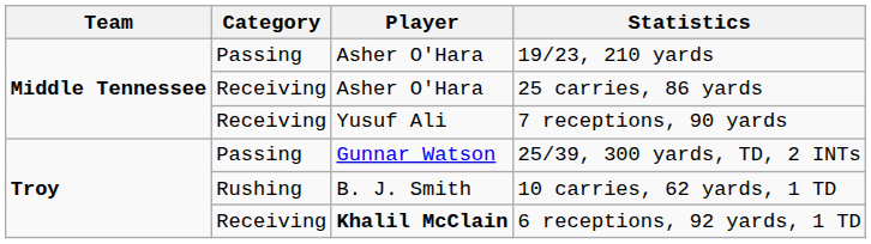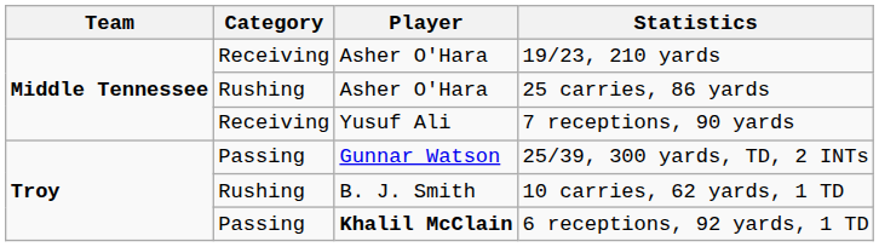 <table class="wikitable" style="float: left;">
 <tr>
 <th>Team</th>
 <th>Category</th>
 <th>Player</th>
 <th>Statistics</th>
 </tr>
 <tr>
 <td rowspan=3><strong>Middle Tennessee</strong></td>
-<td>Passing</td>
+<td>Receiving</td>
 <td>Asher O'Hara</td>
 <td>19/23, 210 yards</td>
 </tr>
 <tr>
-<td>Receiving</td>
+<td>Rushing</td>
 <td>Asher O'Hara</td>
 <td>25 carries, 86 yards</td>
 </tr>
 <tr>
 <td>Receiving</td>
 <td>Yusuf Ali</td>
 <td>7 receptions, 90 yards</td>
 </tr>
 <tr>
 <td rowspan=3><strong>Troy</strong></td>
 <td>Passing</td>
 <td><a href='#'>Gunnar Watson</a></td>
 <td>25/39, 300 yards, TD, 2 INTs</td>
 </tr>
 <tr>
 <td>Rushing</td>
 <td>B. J. Smith</td>
 <td>10 carries, 62 yards, 1 TD</td>
 </tr>
 <tr>
-<td>Receiving</td>
+<td>Passing</td>
 <td><strong>Khalil McClain</strong></td>
 <td>6 receptions, 92 yards, 1 TD</td>
 </tr>
 </table>
